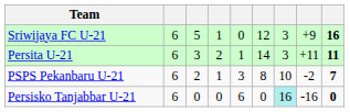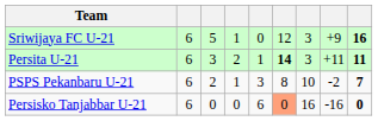 <table class="wikitable" style="text-align:center">
 <tr>
 <th width=190>Team</th>
 <th width=20></th>
 <th width=20></th>
 <th width=20></th>
 <th width=20></th>
 <th width=20></th>
 <th width=20></th>
 <th width=20></th>
 <th width=20></th>
 </tr>
 <tr bgcolor="#ccffcc">
 <td align=left><a href='#'>Sriwijaya FC U-21</a></td>
 <td>6</td>
 <td>5</td>
 <td>1</td>
 <td>0</td>
 <td>12</td>
 <td>3</td>
 <td>+9</td>
 <td><strong>16</strong></td>
 </tr>
 <tr bgcolor="#ccffcc">
 <td align=left><a href='#'>Persita U-21</a></td>
 <td>6</td>
 <td>3</td>
 <td>2</td>
 <td>1</td>
-<td>14</td>
+<td><strong>14</strong></td>
 <td>3</td>
 <td>+11</td>
 <td><strong>11</strong></td>
 </tr>
 <tr>
 <td align=left><a href='#'>PSPS Pekanbaru U-21</a></td>
 <td>6</td>
 <td>2</td>
 <td>1</td>
 <td>3</td>
 <td>8</td>
 <td>10</td>
 <td>-2</td>
 <td><strong>7</strong></td>
 </tr>
 <tr>
 <td align=left><a href='#'>Persisko Tanjabbar U-21</a></td>
 <td>6</td>
 <td>0</td>
 <td>0</td>
 <td>6</td>
-<td>0</td>
-<td style="background: paleturquoise;">16</td>
+<td style="background: lightsalmon;">0</td>
+<td>16</td>
 <td>-16</td>
 <td><strong>0</strong></td>
 </tr>
 </table>
